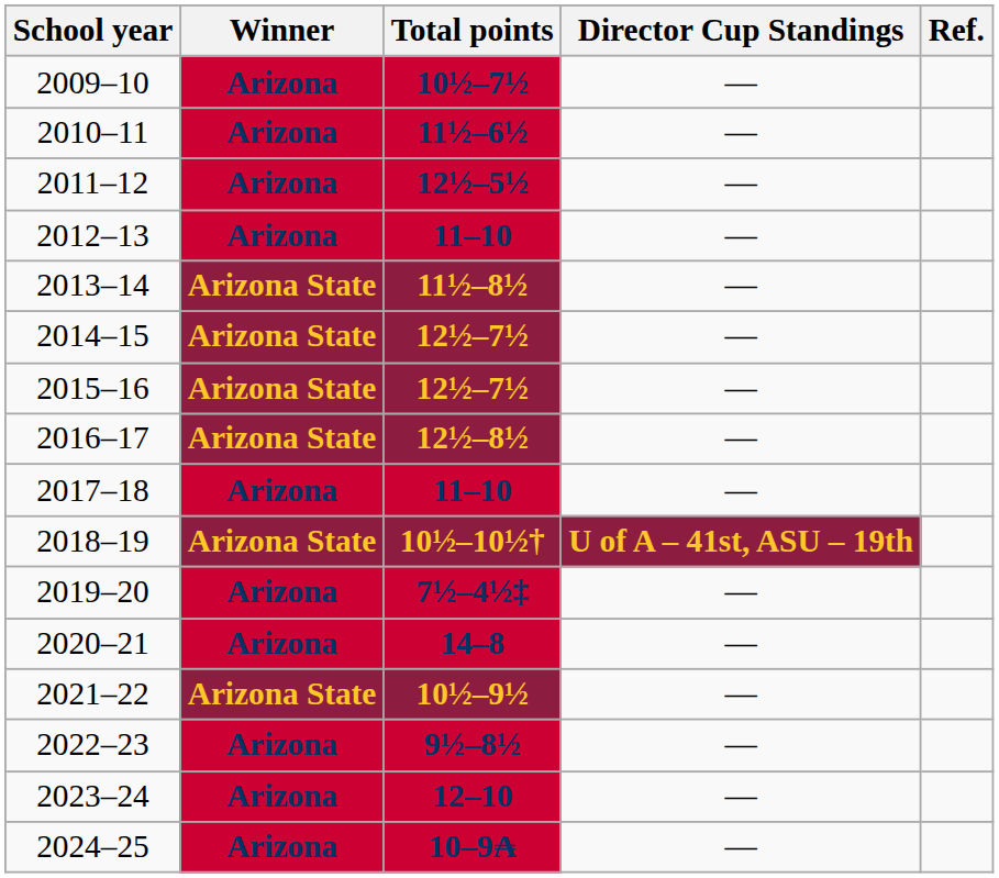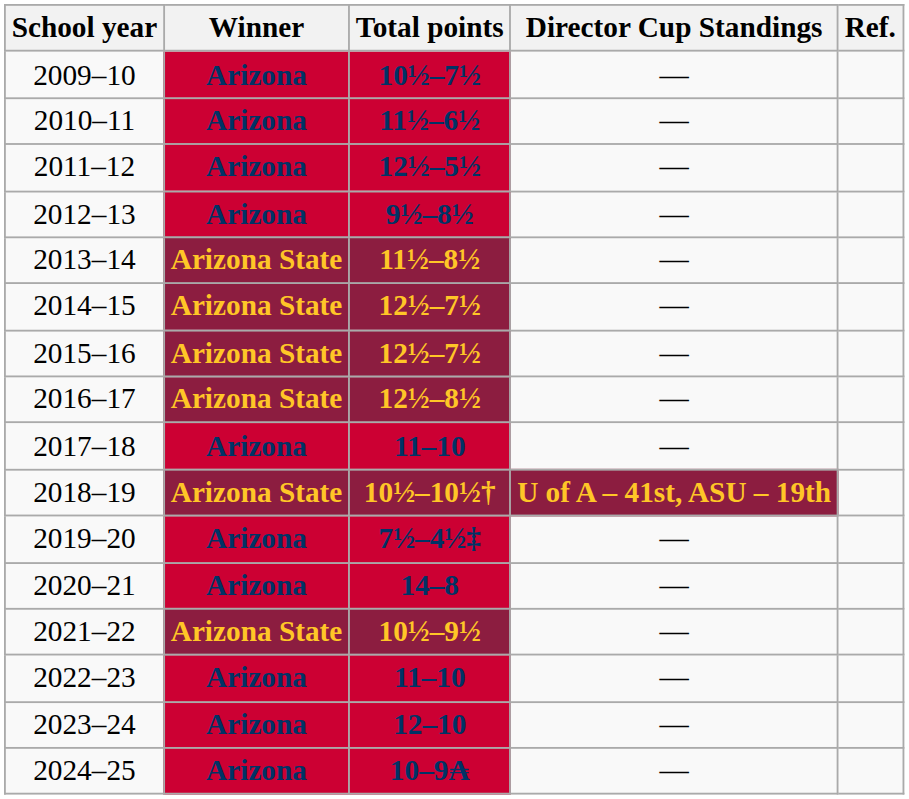 <table class="wikitable">
 <tr>
 <th>School year</th>
 <th>Winner</th>
 <th>Total points</th>
 <th>Director Cup Standings</th>
 <th>Ref.</th>
 </tr>
 <tr>
 <td align="center">2009–10</td>
 <th style="background:#CC0033; color:#003366;"><strong>Arizona</strong></th>
 <th style="background:#CC0033; color:#003366;">10½–7½</th>
 <td align="center">—</td>
 <td></td>
 </tr>
 <tr>
 <td align="center">2010–11</td>
 <th style="background:#CC0033; color:#003366;"><strong>Arizona</strong></th>
 <th style="background:#CC0033; color:#003366;">11½–6½</th>
 <td align="center">—</td>
 <td></td>
 </tr>
 <tr>
 <td align="center">2011–12</td>
 <th style="background:#CC0033; color:#003366;"><strong>Arizona</strong></th>
 <th style="background:#CC0033; color:#003366;">12½–5½</th>
 <td align="center">—</td>
 <td></td>
 </tr>
 <tr>
 <td align="center">2012–13</td>
 <th style="background:#CC0033; color:#003366;"><strong>Arizona</strong></th>
-<th style="background:#CC0033; color:#003366;">11–10</th>
+<th style="background:#CC0033; color:#003366;">9½–8½</th>
 <td align="center">—</td>
 <td></td>
 </tr>
 <tr>
 <td align="center">2013–14</td>
 <th style="background:#8C1D40; color:#FFC627;"><strong>Arizona State</strong></th>
 <th style="background:#8C1D40; color:#FFC627;">11½–8½</th>
 <td align="center">—</td>
 <td></td>
 </tr>
 <tr>
 <td align="center">2014–15</td>
 <th style="background:#8C1D40; color:#FFC627;"><strong>Arizona State</strong></th>
 <th style="background:#8C1D40; color:#FFC627;">12½–7½</th>
 <td align="center">—</td>
 <td></td>
 </tr>
 <tr>
 <td align="center">2015–16</td>
 <th style="background:#8C1D40; color:#FFC627;"><strong>Arizona State</strong></th>
 <th style="background:#8C1D40; color:#FFC627;">12½–7½</th>
 <td align="center">—</td>
 <td></td>
 </tr>
 <tr>
 <td align="center">2016–17</td>
 <th style="background:#8C1D40; color:#FFC627;"><strong>Arizona State</strong></th>
 <th style="background:#8C1D40; color:#FFC627;">12½–8½</th>
 <td align="center">—</td>
 <td></td>
 </tr>
 <tr>
 <td align="center">2017–18</td>
 <th style="background:#CC0033; color:#003366;"><strong>Arizona</strong></th>
 <th style="background:#CC0033; color:#003366;">11–10</th>
 <td align="center">—</td>
 <td></td>
 </tr>
 <tr>
 <td align="center">2018–19</td>
 <th style="background:#8C1D40; color:#FFC627;"><strong>Arizona State</strong></th>
 <th style="background:#8C1D40; color:#FFC627;">10½–10½†</th>
 <th style="background:#8C1D40; color:#FFC627;">U of A – 41st, ASU – 19th</th>
 <td></td>
 </tr>
 <tr>
 <td align="center">2019–20</td>
 <th style="background:#CC0033; color:#003366;"><strong>Arizona</strong></th>
 <th style="background:#CC0033; color:#003366;">7½–4½‡</th>
 <td align="center">—</td>
 <td></td>
 </tr>
 <tr>
 <td align="center">2020–21</td>
 <th style="background:#CC0033; color:#003366;"><strong>Arizona</strong></th>
 <th style="background:#CC0033; color:#003366;">14–8</th>
 <td align="center">—</td>
 <td></td>
 </tr>
 <tr>
 <td align="center">2021–22</td>
 <th style="background:#8C1D40; color:#FFC627;"><strong>Arizona State</strong></th>
 <th style="background:#8C1D40; color:#FFC627;">10½–9½</th>
 <td align="center">—</td>
 <td></td>
 </tr>
 <tr>
 <td align="center">2022–23</td>
 <th style="background:#CC0033; color:#003366;"><strong>Arizona</strong></th>
-<th style="background:#CC0033; color:#003366;">9½–8½</th>
+<th style="background:#CC0033; color:#003366;">11–10</th>
 <td align="center">—</td>
 <td></td>
 </tr>
 <tr>
 <td align="center">2023–24</td>
 <th style="background:#CC0033; color:#003366;"><strong>Arizona</strong></th>
 <th style="background:#CC0033; color:#003366;">12–10</th>
 <td align="center">—</td>
 <td></td>
 </tr>
 <tr>
 <td align="center">2024–25</td>
 <th style="background:#CC0033; color:#003366;"><strong>Arizona</strong></th>
 <th style="background:#CC0033; color:#003366;">10–9₳</th>
 <td align="center">—</td>
 <td></td>
 </tr>
 </table>
